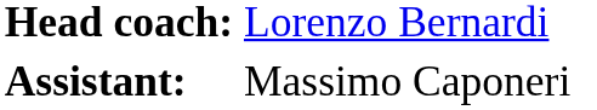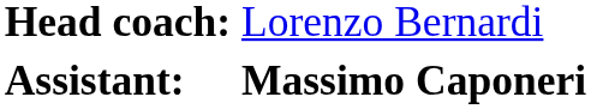 <table>
 <tr>
 <td><strong>Head coach:</strong></td>
 <td> <a href='#'>Lorenzo Bernardi</a></td>
 </tr>
 <tr>
 <td><strong>Assistant:</strong></td>
-<td> Massimo Caponeri</td>
+<td><strong> Massimo Caponeri</strong></td>
 </tr>
 <tr>
 </tr>
 </table>
